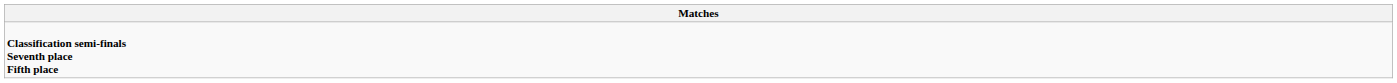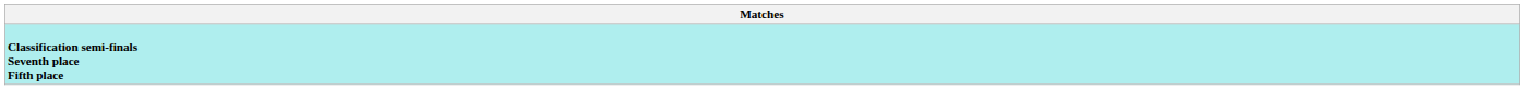 <table class="wikitable collapsible collapsed" style="width:100%;">
 <tr>
 <th>Matches</th>
 </tr>
 <tr>
-<td><br><strong>Classification semi-finals</strong>  <br><strong>Seventh place</strong> <br><strong>Fifth place</strong> </td>
+<td style="background: paleturquoise;"><br><strong>Classification semi-finals</strong>  <br><strong>Seventh place</strong> <br><strong>Fifth place</strong> </td>
 </tr>
 </table>
